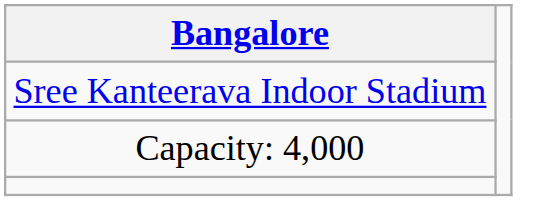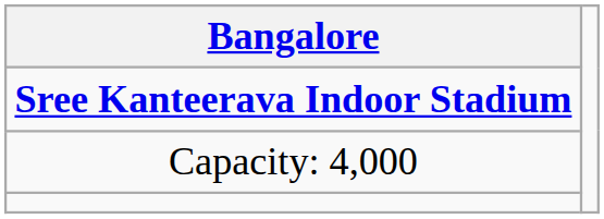 <table class="wikitable" style="text-align:center;">
 <tr>
 <th><a href='#'>Bangalore</a></th>
 <td rowspan="4"><br></td>
 </tr>
 <tr>
-<td><a href='#'>Sree Kanteerava Indoor Stadium</a></td>
+<td><strong><a href='#'>Sree Kanteerava Indoor Stadium</a></strong></td>
 </tr>
 <tr>
 <td>Capacity: 4,000</td>
 </tr>
 <tr>
 <td></td>
 </tr>
 </table>
